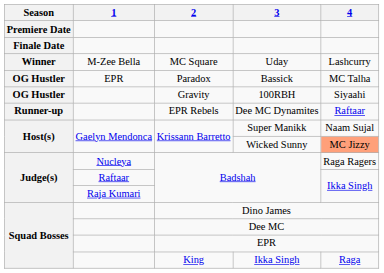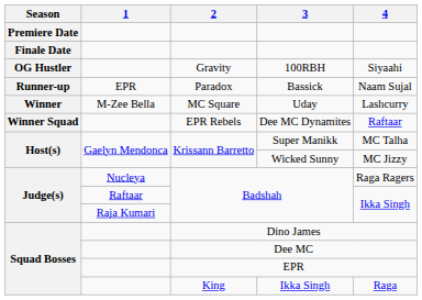 <table class="wikitable" style="text-align:center;">
 <tr>
 <th>Season</th>
 <th><a href='#'>1</a></th>
 <th><a href='#'>2</a></th>
 <th><a href='#'>3</a></th>
 <th><a href='#'>4</a></th>
 </tr>
 <tr>
 <th>Premiere Date</th>
 <td></td>
 <td></td>
 <td></td>
 <td></td>
 </tr>
 <tr>
 <th>Finale Date</th>
 <td></td>
 <td></td>
 <td></td>
 <td></td>
 </tr>
 <tr>
-<th>Winner</th>
-<td>M-Zee Bella</td>
-<td>MC Square</td>
-<td>Uday</td>
-<td>Lashcurry</td>
-</tr>
-<tr>
-<th>OG Hustler</th>
-<td>EPR</td>
-<td>Paradox</td>
-<td>Bassick</td>
-<td>MC Talha</td>
-</tr>
-<tr>
 <th>OG Hustler</th>
 <td></td>
 <td>Gravity</td>
 <td>100RBH</td>
 <td>Siyaahi</td>
 </tr>
 <tr>
 <th>Runner-up</th>
+<td>EPR</td>
+<td>Paradox</td>
+<td>Bassick</td>
+<td>Naam Sujal</td>
+</tr>
+<tr>
+<th>Winner</th>
+<td>M-Zee Bella</td>
+<td>MC Square</td>
+<td>Uday</td>
+<td>Lashcurry</td>
+</tr>
+<tr>
+<th>Winner Squad</th>
 <td></td>
 <td>EPR Rebels</td>
 <td>Dee MC Dynamites</td>
 <td><a href='#'>Raftaar</a></td>
 </tr>
 <tr>
 <th rowspan="2">Host(s)</th>
 <td rowspan="2"><a href='#'>Gaelyn Mendonca</a></td>
 <td rowspan="2"><a href='#'>Krissann Barretto</a></td>
 <td>Super Manikk</td>
-<td>Naam Sujal</td>
+<td>MC Talha</td>
 </tr>
 <tr>
 <td>Wicked Sunny</td>
-<td style="background: lightsalmon;">MC Jizzy</td>
+<td>MC Jizzy</td>
 </tr>
 <tr>
 <th rowspan="3">Judge(s)</th>
 <td><a href='#'>Nucleya</a></td>
 <td colspan="2" rowspan="3"><a href='#'>Badshah</a></td>
 <td>Raga Ragers</td>
 </tr>
 <tr>
 <td><a href='#'>Raftaar</a></td>
 <td rowspan="2"><a href='#'>Ikka Singh</a></td>
 </tr>
 <tr>
 <td><a href='#'>Raja Kumari</a></td>
 </tr>
 <tr>
 <th rowspan="4">Squad Bosses</th>
 <td></td>
 <td colspan="3">Dino James</td>
 </tr>
 <tr>
 <td></td>
 <td colspan="3">Dee MC</td>
 </tr>
 <tr>
 <td></td>
 <td colspan="3">EPR</td>
 </tr>
 <tr>
 <td></td>
 <td><a href='#'>King</a></td>
 <td><a href='#'>Ikka Singh</a></td>
 <td><a href='#'>Raga</a></td>
 </tr>
 </table>
